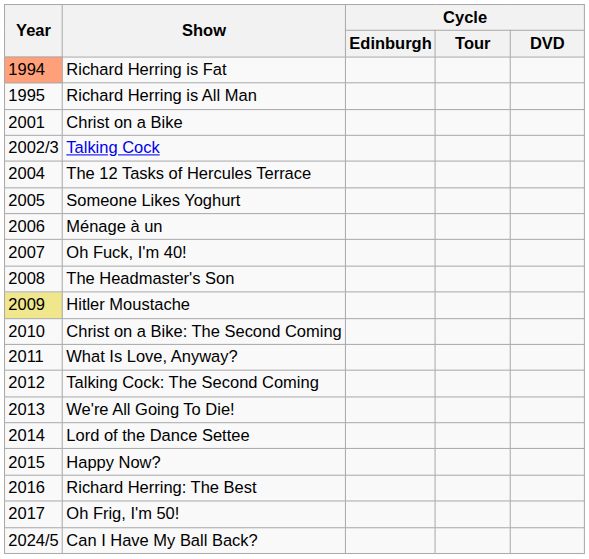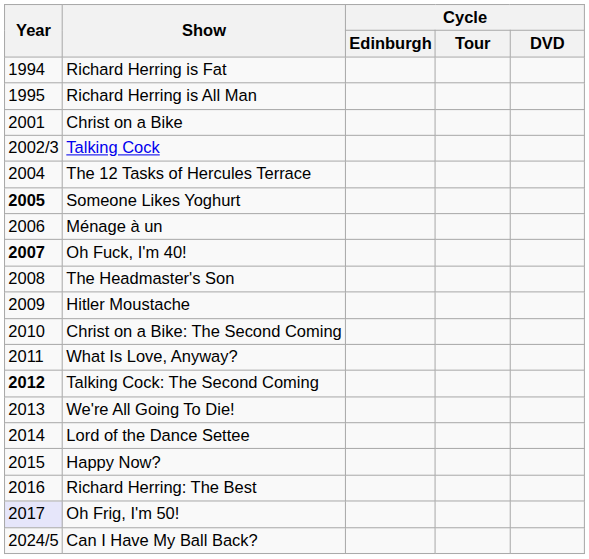 <table class="wikitable">
 <tr>
 <th rowspan="2" style="width:33px;">Year</th>
 <th rowspan="2">Show</th>
 <th colspan="5">Cycle</th>
 </tr>
 <tr>
 <th width=65>Edinburgh</th>
 <th width=65>Tour</th>
 <th width=65>DVD</th>
 </tr>
 <tr>
-<td style="background: lightsalmon;">1994</td>
+<td>1994</td>
 <td>Richard Herring is Fat</td>
 <td></td>
 <td></td>
 <td></td>
 </tr>
 <tr>
 <td>1995</td>
 <td>Richard Herring is All Man</td>
 <td></td>
 <td></td>
 <td></td>
 </tr>
 <tr>
 <td>2001</td>
 <td>Christ on a Bike</td>
 <td></td>
 <td></td>
 <td></td>
 </tr>
 <tr>
 <td>2002/3</td>
 <td><a href='#'>Talking Cock</a></td>
 <td></td>
 <td></td>
 <td></td>
 </tr>
 <tr>
 <td>2004</td>
 <td>The 12 Tasks of Hercules Terrace</td>
 <td></td>
 <td></td>
 <td></td>
 </tr>
 <tr>
-<td>2005</td>
+<td><strong>2005</strong></td>
 <td>Someone Likes Yoghurt</td>
 <td></td>
 <td></td>
 <td></td>
 </tr>
 <tr>
 <td>2006</td>
 <td>Ménage à un</td>
 <td></td>
 <td></td>
 <td></td>
 </tr>
 <tr>
-<td>2007</td>
+<td><strong>2007</strong></td>
 <td>Oh Fuck, I'm 40!</td>
 <td></td>
 <td></td>
 <td></td>
 </tr>
 <tr>
 <td>2008</td>
 <td>The Headmaster's Son</td>
 <td></td>
 <td></td>
 <td></td>
 </tr>
 <tr>
-<td style="background: khaki;">2009</td>
+<td>2009</td>
 <td>Hitler Moustache</td>
 <td></td>
 <td></td>
 <td></td>
 </tr>
 <tr>
 <td>2010</td>
 <td>Christ on a Bike: The Second Coming</td>
 <td></td>
 <td></td>
 <td></td>
 </tr>
 <tr>
 <td>2011</td>
 <td>What Is Love, Anyway?</td>
 <td></td>
 <td></td>
 <td></td>
 </tr>
 <tr>
-<td>2012</td>
+<td><strong>2012</strong></td>
 <td>Talking Cock: The Second Coming</td>
 <td></td>
 <td></td>
 <td></td>
 </tr>
 <tr>
 <td>2013</td>
 <td>We're All Going To Die!</td>
 <td></td>
 <td></td>
 <td></td>
 </tr>
 <tr>
 <td>2014</td>
 <td>Lord of the Dance Settee</td>
 <td></td>
 <td></td>
 <td></td>
 </tr>
 <tr>
 <td>2015</td>
 <td>Happy Now?</td>
 <td></td>
 <td></td>
 <td></td>
 </tr>
 <tr>
 <td>2016</td>
 <td>Richard Herring: The Best</td>
 <td></td>
 <td></td>
 <td></td>
 </tr>
 <tr>
-<td>2017</td>
+<td style="background: lavender;">2017</td>
 <td>Oh Frig, I'm 50!</td>
 <td></td>
 <td></td>
 <td></td>
 </tr>
 <tr>
 <td>2024/5</td>
 <td>Can I Have My Ball Back?</td>
 <td></td>
 <td></td>
 <td></td>
 </tr>
 </table>
